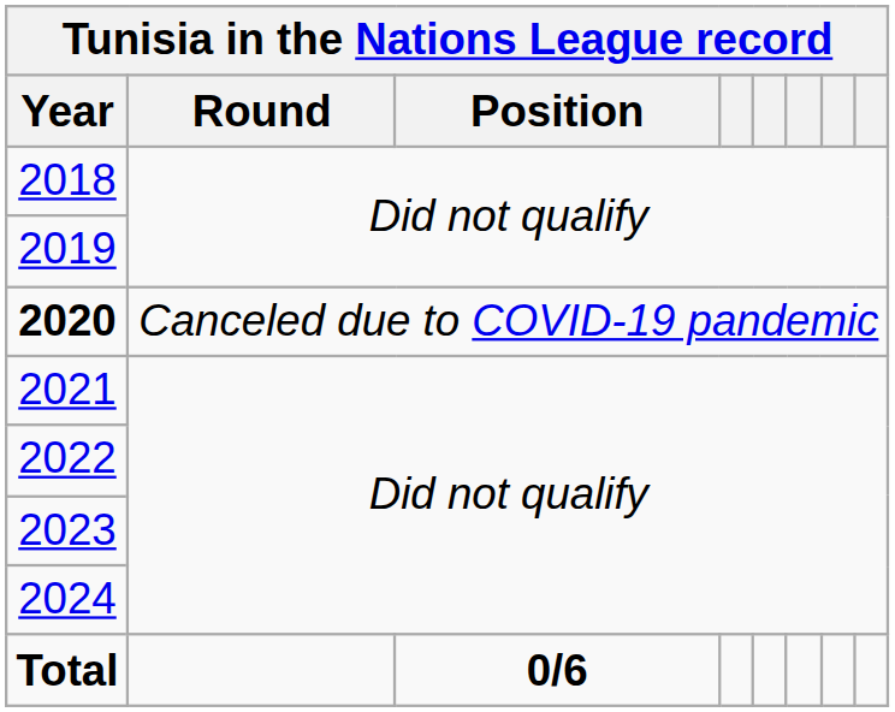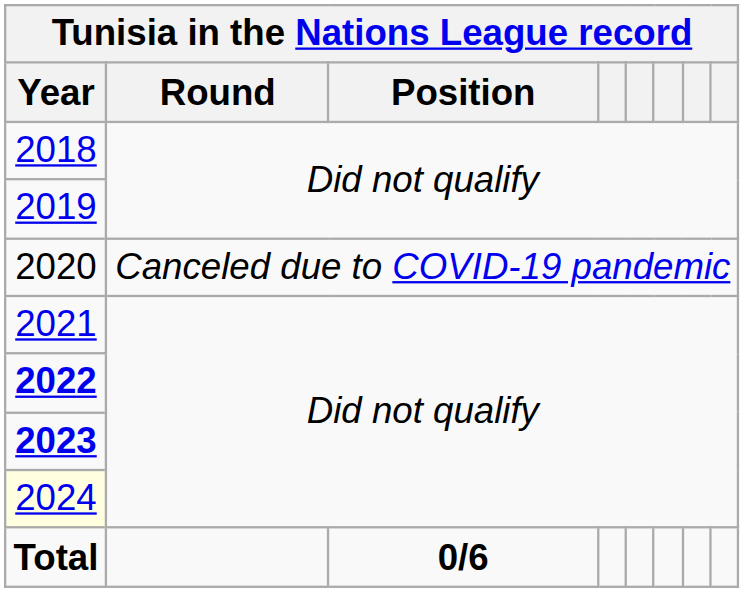 <table class="wikitable" style="text-align: center;">
 <tr>
 <th colspan=10>Tunisia in the <a href='#'>Nations League record</a></th>
 </tr>
 <tr>
 <th>Year</th>
 <th>Round</th>
 <th>Position</th>
 <th></th>
 <th></th>
 <th></th>
 <th></th>
 <th></th>
 </tr>
 <tr>
 <td> <a href='#'>2018</a></td>
 <td colspan="8" rowspan=2><em>Did not qualify</em></td>
 </tr>
 <tr>
 <td> <a href='#'>2019</a></td>
 </tr>
 <tr>
-<td><strong> 2020</strong></td>
+<td> 2020</td>
 <td colspan=8><em>Canceled due to <a href='#'>COVID-19 pandemic</a></em></td>
 </tr>
 <tr>
 <td> <a href='#'>2021</a></td>
 <td colspan="8" rowspan=4><em>Did not qualify</em></td>
 </tr>
 <tr>
-<td> <a href='#'>2022</a></td>
+<td><strong> <a href='#'>2022</a></strong></td>
 </tr>
 <tr>
-<td> <a href='#'>2023</a></td>
+<td><strong> <a href='#'>2023</a></strong></td>
 </tr>
 <tr>
-<td> <a href='#'>2024</a></td>
+<td style="background: lightyellow;"> <a href='#'>2024</a></td>
 </tr>
 <tr>
 <td colspan=1><strong>Total</strong></td>
 <td></td>
 <td><strong>0/6</strong></td>
 <td></td>
 <td></td>
 <td></td>
 <td></td>
 <td></td>
 </tr>
 </table>
